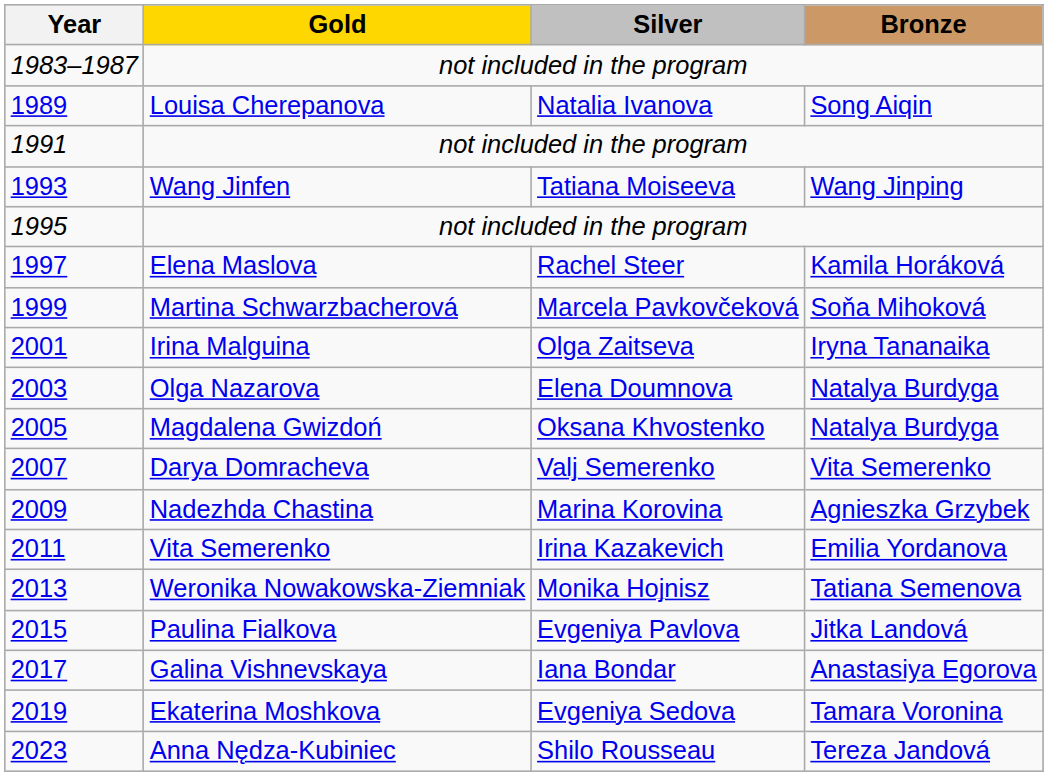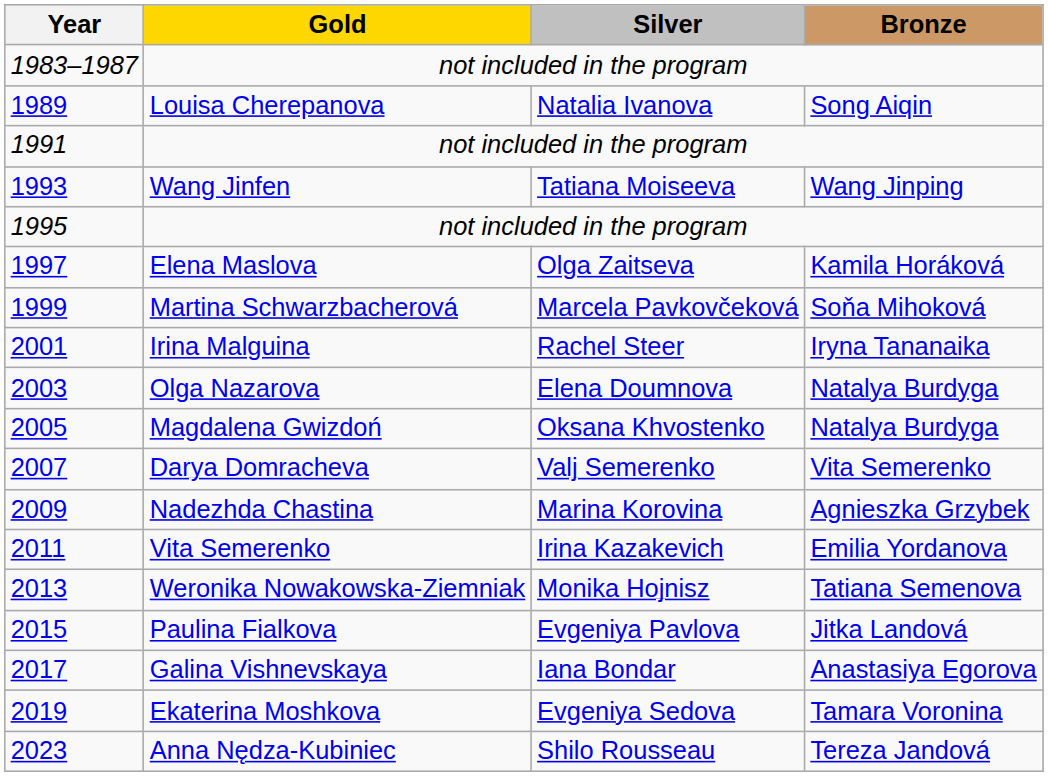 <table class="wikitable">
 <tr>
 <th>Year</th>
 <td align=center bgcolor=gold><strong>Gold</strong></td>
 <td align=center bgcolor=silver><strong>Silver</strong></td>
 <td align=center bgcolor=cc9966><strong>Bronze</strong></td>
 </tr>
 <tr>
 <td><em>1983–1987</em></td>
 <td colspan=3 align=center><em>not included in the program</em></td>
 </tr>
 <tr>
 <td><a href='#'>1989</a></td>
 <td> <a href='#'>Louisa Cherepanova</a></td>
 <td> <a href='#'>Natalia Ivanova</a></td>
 <td> <a href='#'>Song Aiqin</a></td>
 </tr>
 <tr>
 <td><em>1991</em></td>
 <td colspan=3 align=center><em>not included in the program</em></td>
 </tr>
 <tr>
 <td><a href='#'>1993</a></td>
 <td> <a href='#'>Wang Jinfen</a></td>
 <td> <a href='#'>Tatiana Moiseeva</a></td>
 <td> <a href='#'>Wang Jinping</a></td>
 </tr>
 <tr>
 <td><em>1995</em></td>
 <td colspan=3 align=center><em>not included in the program</em></td>
 </tr>
 <tr>
 <td><a href='#'>1997</a></td>
 <td> <a href='#'>Elena Maslova</a></td>
-<td> <a href='#'>Rachel Steer</a></td>
+<td> <a href='#'>Olga Zaitseva</a></td>
 <td> <a href='#'>Kamila Horáková</a></td>
 </tr>
 <tr>
 <td><a href='#'>1999</a></td>
 <td> <a href='#'>Martina Schwarzbacherová</a></td>
 <td> <a href='#'>Marcela Pavkovčeková</a></td>
 <td> <a href='#'>Soňa Mihoková</a></td>
 </tr>
 <tr>
 <td><a href='#'>2001</a></td>
 <td> <a href='#'>Irina Malguina</a></td>
-<td> <a href='#'>Olga Zaitseva</a></td>
+<td> <a href='#'>Rachel Steer</a></td>
 <td> <a href='#'>Iryna Tananaika</a></td>
 </tr>
 <tr>
 <td><a href='#'>2003</a></td>
 <td> <a href='#'>Olga Nazarova</a></td>
 <td> <a href='#'>Elena Doumnova</a></td>
 <td> <a href='#'>Natalya Burdyga</a></td>
 </tr>
 <tr>
 <td><a href='#'>2005</a></td>
 <td> <a href='#'>Magdalena Gwizdoń</a></td>
 <td> <a href='#'>Oksana Khvostenko</a></td>
 <td> <a href='#'>Natalya Burdyga</a></td>
 </tr>
 <tr>
 <td><a href='#'>2007</a></td>
 <td> <a href='#'>Darya Domracheva</a></td>
 <td> <a href='#'>Valj Semerenko</a></td>
 <td> <a href='#'>Vita Semerenko</a></td>
 </tr>
 <tr>
 <td><a href='#'>2009</a></td>
 <td> <a href='#'>Nadezhda Chastina</a></td>
 <td> <a href='#'>Marina Korovina</a></td>
 <td> <a href='#'>Agnieszka Grzybek</a></td>
 </tr>
 <tr>
 <td><a href='#'>2011</a></td>
 <td> <a href='#'>Vita Semerenko</a></td>
 <td> <a href='#'>Irina Kazakevich</a></td>
 <td> <a href='#'>Emilia Yordanova</a></td>
 </tr>
 <tr>
 <td><a href='#'>2013</a></td>
 <td> <a href='#'>Weronika Nowakowska-Ziemniak</a></td>
 <td> <a href='#'>Monika Hojnisz</a></td>
 <td> <a href='#'>Tatiana Semenova</a></td>
 </tr>
 <tr>
 <td><a href='#'>2015</a></td>
 <td> <a href='#'>Paulina Fialkova</a></td>
 <td> <a href='#'>Evgeniya Pavlova</a></td>
 <td> <a href='#'>Jitka Landová</a></td>
 </tr>
 <tr>
 <td><a href='#'>2017</a></td>
 <td> <a href='#'>Galina Vishnevskaya</a></td>
 <td> <a href='#'>Iana Bondar</a></td>
 <td> <a href='#'>Anastasiya Egorova</a></td>
 </tr>
 <tr>
 <td><a href='#'>2019</a></td>
 <td> <a href='#'>Ekaterina Moshkova</a></td>
 <td> <a href='#'>Evgeniya Sedova</a></td>
 <td> <a href='#'>Tamara Voronina</a></td>
 </tr>
 <tr>
 <td><a href='#'>2023</a></td>
 <td> <a href='#'>Anna Nędza-Kubiniec</a></td>
 <td> <a href='#'>Shilo Rousseau</a></td>
 <td> <a href='#'>Tereza Jandová</a></td>
 </tr>
 </table>
